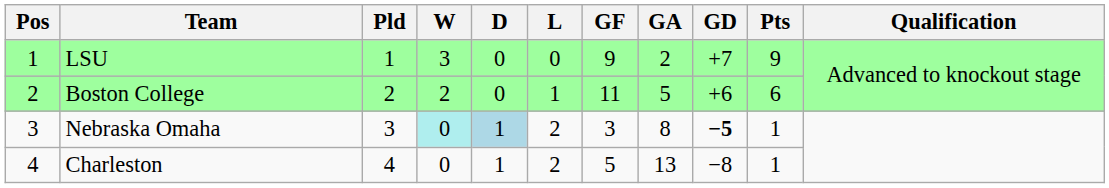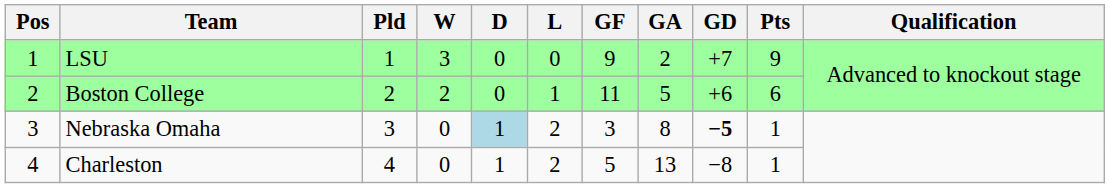 <table class="wikitable" style="text-align:center; margin: 1em auto">
 <tr>
 <th style="width:2em">Pos</th>
 <th style="width:13em">Team</th>
 <th style="width:2em">Pld</th>
 <th style="width:2em">W</th>
 <th style="width:2em">D</th>
 <th style="width:2em">L</th>
 <th style="width:2em">GF</th>
 <th style="width:2em">GA</th>
 <th style="width:2em">GD</th>
 <th style="width:2em">Pts</th>
 <th style="width:13em">Qualification</th>
 </tr>
 <tr bgcolor="#9eff9e">
 <td>1</td>
 <td style="text-align:left">LSU</td>
 <td>1</td>
 <td>3</td>
 <td>0</td>
 <td>0</td>
 <td>9</td>
 <td>2</td>
 <td>+7</td>
 <td>9</td>
 <td rowspan="2">Advanced to knockout stage</td>
 </tr>
 <tr bgcolor="#9eff9e">
 <td>2</td>
 <td style="text-align:left">Boston College</td>
 <td>2</td>
 <td>2</td>
 <td>0</td>
 <td>1</td>
 <td>11</td>
 <td>5</td>
 <td>+6</td>
 <td>6</td>
 </tr>
 <tr>
 <td>3</td>
 <td style="text-align:left">Nebraska Omaha</td>
 <td>3</td>
-<td style="background: paleturquoise;">0</td>
+<td>0</td>
 <td style="background: lightblue;">1</td>
 <td>2</td>
 <td>3</td>
 <td>8</td>
 <td><strong>−5</strong></td>
 <td>1</td>
 <td rowspan="2"></td>
 </tr>
 <tr>
 <td>4</td>
 <td style="text-align:left">Charleston</td>
 <td>4</td>
 <td>0</td>
 <td>1</td>
 <td>2</td>
 <td>5</td>
 <td>13</td>
 <td>−8</td>
 <td>1</td>
 </tr>
 </table>
